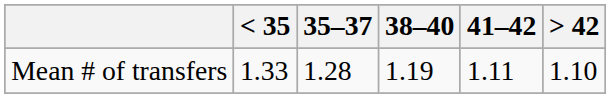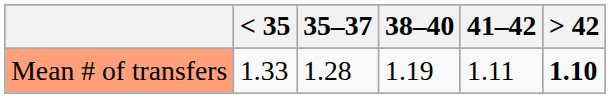 <table class="wikitable">
 <tr>
 <th></th>
 <th>< 35</th>
 <th>35–37</th>
 <th>38–40</th>
 <th>41–42</th>
 <th>> 42</th>
 </tr>
 <tr>
-<td>Mean # of transfers</td>
+<td style="background: lightsalmon;">Mean # of transfers</td>
 <td>1.33</td>
 <td>1.28</td>
 <td>1.19</td>
 <td>1.11</td>
-<td>1.10</td>
+<td><strong>1.10</strong></td>
 </tr>
 </table>
